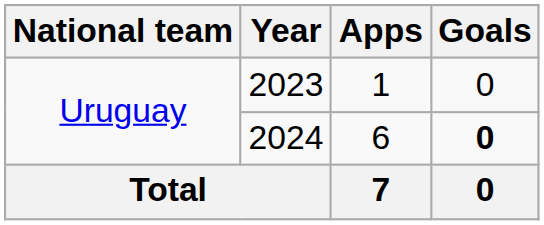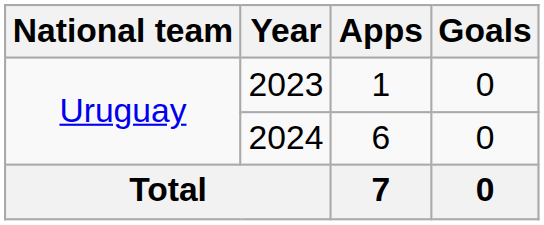 <table class="wikitable" style="text-align:center">
 <tr>
 <th>National team</th>
 <th>Year</th>
 <th>Apps</th>
 <th>Goals</th>
 </tr>
 <tr>
 <td rowspan=2><a href='#'>Uruguay</a></td>
 <td>2023</td>
 <td>1</td>
 <td>0</td>
 </tr>
 <tr>
 <td>2024</td>
 <td>6</td>
-<td><strong>0</strong></td>
+<td>0</td>
 </tr>
 <tr>
 <th colspan=2>Total</th>
 <th>7</th>
 <th>0</th>
 </tr>
 </table>
